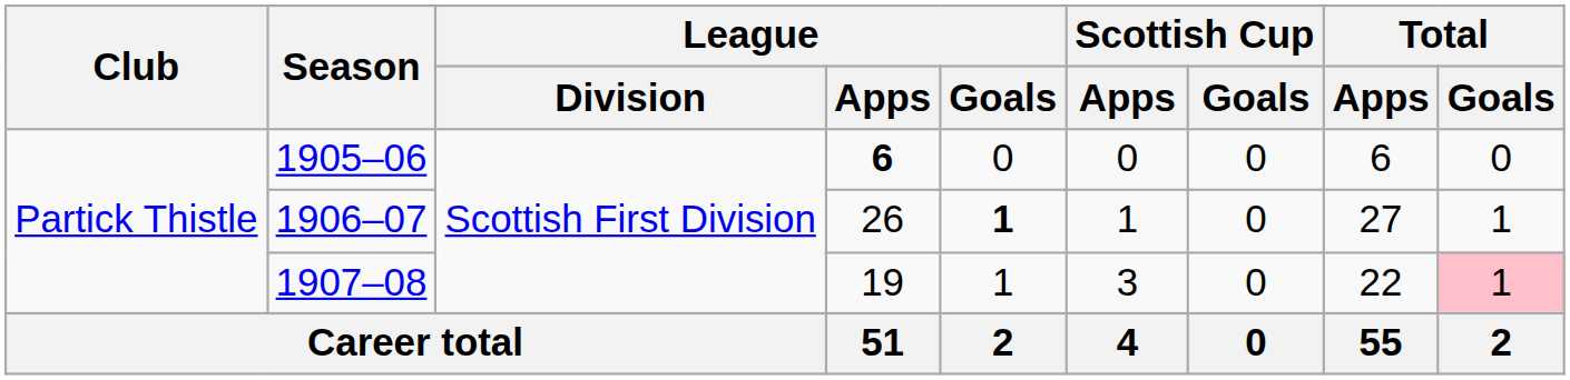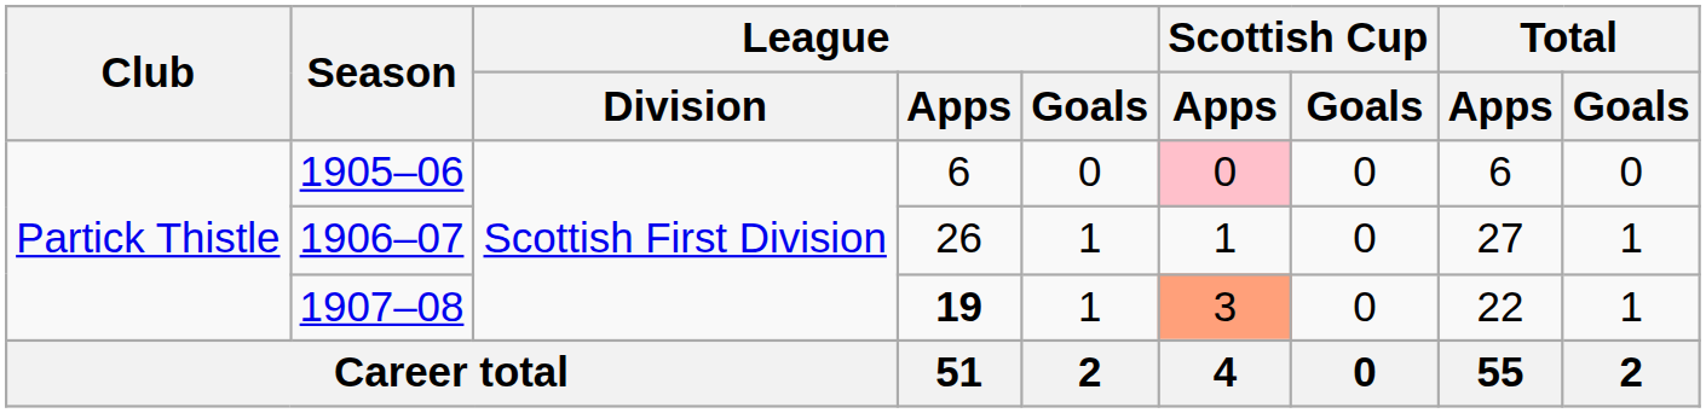 <table class="wikitable" style="text-align: center;">
 <tr>
 <th rowspan="2">Club</th>
 <th rowspan="2">Season</th>
 <th colspan="3">League</th>
 <th colspan="2">Scottish Cup</th>
 <th colspan="2">Total</th>
 </tr>
 <tr>
 <th>Division</th>
 <th>Apps</th>
 <th>Goals</th>
 <th>Apps</th>
 <th>Goals</th>
 <th>Apps</th>
 <th>Goals</th>
 </tr>
 <tr>
 <td rowspan="3"><a href='#'>Partick Thistle</a></td>
 <td><a href='#'>1905–06</a></td>
 <td rowspan="3"><a href='#'>Scottish First Division</a></td>
-<td><strong>6</strong></td>
+<td>6</td>
 <td>0</td>
-<td>0</td>
+<td style="background: pink;">0</td>
 <td>0</td>
 <td>6</td>
 <td>0</td>
 </tr>
 <tr>
 <td><a href='#'>1906–07</a></td>
 <td>26</td>
-<td><strong>1</strong></td>
+<td>1</td>
 <td>1</td>
 <td>0</td>
 <td>27</td>
 <td>1</td>
 </tr>
 <tr>
 <td><a href='#'>1907–08</a></td>
-<td>19</td>
+<td><strong>19</strong></td>
 <td>1</td>
-<td>3</td>
+<td style="background: lightsalmon;">3</td>
 <td>0</td>
 <td>22</td>
-<td style="background: pink;">1</td>
+<td>1</td>
 </tr>
 <tr>
 <th colspan="3">Career total</th>
 <th>51</th>
 <th>2</th>
 <th>4</th>
 <th>0</th>
 <th>55</th>
 <th>2</th>
 </tr>
 </table>
